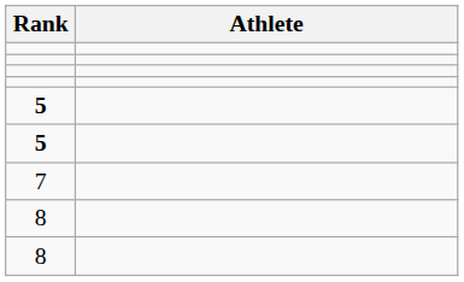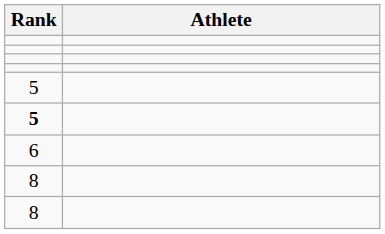 <table class="wikitable" style="text-align: center;">
 <tr>
 <th width=40>Rank</th>
 <th width=250>Athlete</th>
 </tr>
 <tr>
 <td></td>
 <td align="left"></td>
 </tr>
 <tr>
 <td></td>
 <td align="left"></td>
 </tr>
 <tr>
 <td></td>
 <td align="left"></td>
 </tr>
 <tr>
 <td></td>
 <td align="left"></td>
 </tr>
 <tr>
-<td><strong>5</strong></td>
+<td>5</td>
 <td align="left"></td>
 </tr>
 <tr>
 <td><strong>5</strong></td>
 <td align="left"></td>
 </tr>
 <tr>
-<td>7</td>
+<td>6</td>
 <td align="left"></td>
 </tr>
 <tr>
 <td>8</td>
 <td align="left"></td>
 </tr>
 <tr>
 <td>8</td>
 <td align="left"></td>
 </tr>
 </table>
